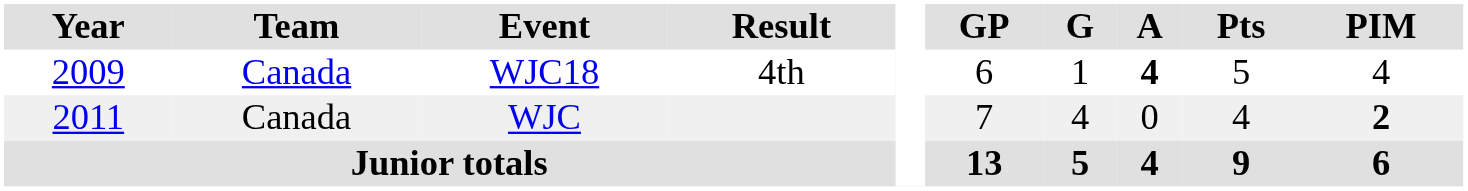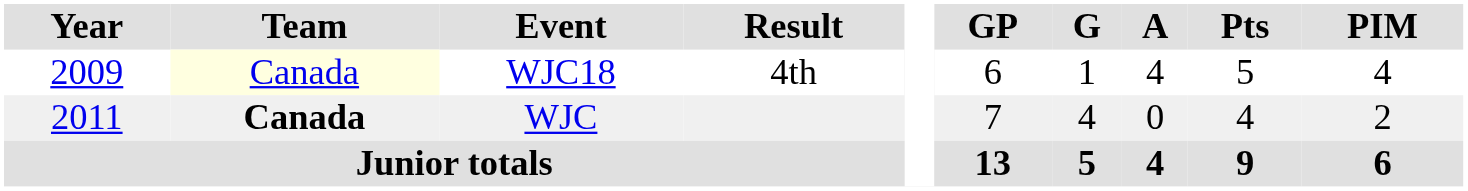 <table border="0" cellpadding="1" cellspacing="0" style="text-align:center; width:40em">
 <tr style="text-align:center; background:#e0e0e0;">
 <th>Year</th>
 <th>Team</th>
 <th>Event</th>
 <th>Result</th>
 <th rowspan="99" style="background:#fff;"> </th>
 <th>GP</th>
 <th>G</th>
 <th>A</th>
 <th>Pts</th>
 <th>PIM</th>
 </tr>
 <tr style="text-align:center;">
 <td><a href='#'>2009</a></td>
-<td><a href='#'>Canada</a></td>
+<td style="background: lightyellow;"><a href='#'>Canada</a></td>
 <td><a href='#'>WJC18</a></td>
 <td>4th</td>
 <td>6</td>
 <td>1</td>
-<td><strong>4</strong></td>
+<td>4</td>
 <td>5</td>
 <td>4</td>
 </tr>
 <tr style="text-align:center; background:#f0f0f0;">
 <td><a href='#'>2011</a></td>
-<td>Canada</td>
+<td><strong>Canada</strong></td>
 <td><a href='#'>WJC</a></td>
 <td></td>
 <td>7</td>
 <td>4</td>
 <td>0</td>
 <td>4</td>
-<td><strong>2</strong></td>
+<td>2</td>
 </tr>
 <tr style="background:#e0e0e0;">
 <th colspan="4">Junior totals</th>
 <th>13</th>
 <th>5</th>
 <th>4</th>
 <th>9</th>
 <th>6</th>
 </tr>
 </table>
